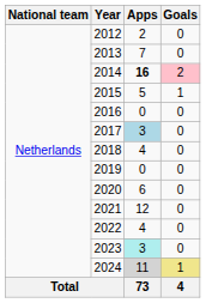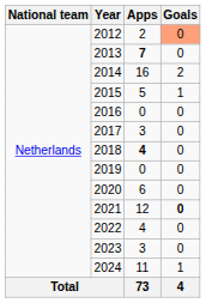 <table class="wikitable" style="text-align:center">
 <tr>
 <th>National team</th>
 <th>Year</th>
 <th>Apps</th>
 <th>Goals</th>
 </tr>
 <tr>
 <td rowspan="13"><a href='#'>Netherlands</a></td>
 <td>2012</td>
 <td>2</td>
-<td>0</td>
+<td style="background: lightsalmon;">0</td>
 </tr>
 <tr>
 <td>2013</td>
-<td>7</td>
+<td><strong>7</strong></td>
 <td>0</td>
 </tr>
 <tr>
 <td>2014</td>
-<td><strong>16</strong></td>
-<td style="background: pink;">2</td>
+<td>16</td>
+<td>2</td>
 </tr>
 <tr>
 <td>2015</td>
 <td>5</td>
 <td>1</td>
 </tr>
 <tr>
 <td>2016</td>
 <td>0</td>
 <td>0</td>
 </tr>
 <tr>
 <td>2017</td>
-<td style="background: lightblue;">3</td>
+<td>3</td>
 <td>0</td>
 </tr>
 <tr>
 <td>2018</td>
-<td>4</td>
+<td><strong>4</strong></td>
 <td>0</td>
 </tr>
 <tr>
 <td>2019</td>
 <td>0</td>
 <td>0</td>
 </tr>
 <tr>
 <td>2020</td>
 <td>6</td>
 <td>0</td>
 </tr>
 <tr>
 <td>2021</td>
 <td>12</td>
-<td>0</td>
+<td><strong>0</strong></td>
 </tr>
 <tr>
 <td>2022</td>
 <td>4</td>
 <td>0</td>
 </tr>
 <tr>
 <td>2023</td>
-<td style="background: paleturquoise;">3</td>
+<td>3</td>
 <td>0</td>
 </tr>
 <tr>
 <td>2024</td>
-<td style="background: lightgrey;">11</td>
-<td style="background: khaki;">1</td>
+<td>11</td>
+<td>1</td>
 </tr>
 <tr>
 <th colspan="2">Total</th>
 <th>73</th>
 <th>4</th>
 </tr>
 </table>
